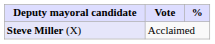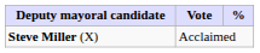 <table class="wikitable">
 <tr>
 <th style="background:#ddf; width:200px;">Deputy mayoral candidate</th>
 <th style="background:#ddf; width:50px;">Vote</th>
 <th style="background:#ddf; width:30px;">%</th>
 </tr>
 <tr>
-<td style="background: lavender;"><strong>Steve Miller</strong> (X)</td>
+<td><strong>Steve Miller</strong> (X)</td>
 <td colspan="2">Acclaimed</td>
 </tr>
 </table>
